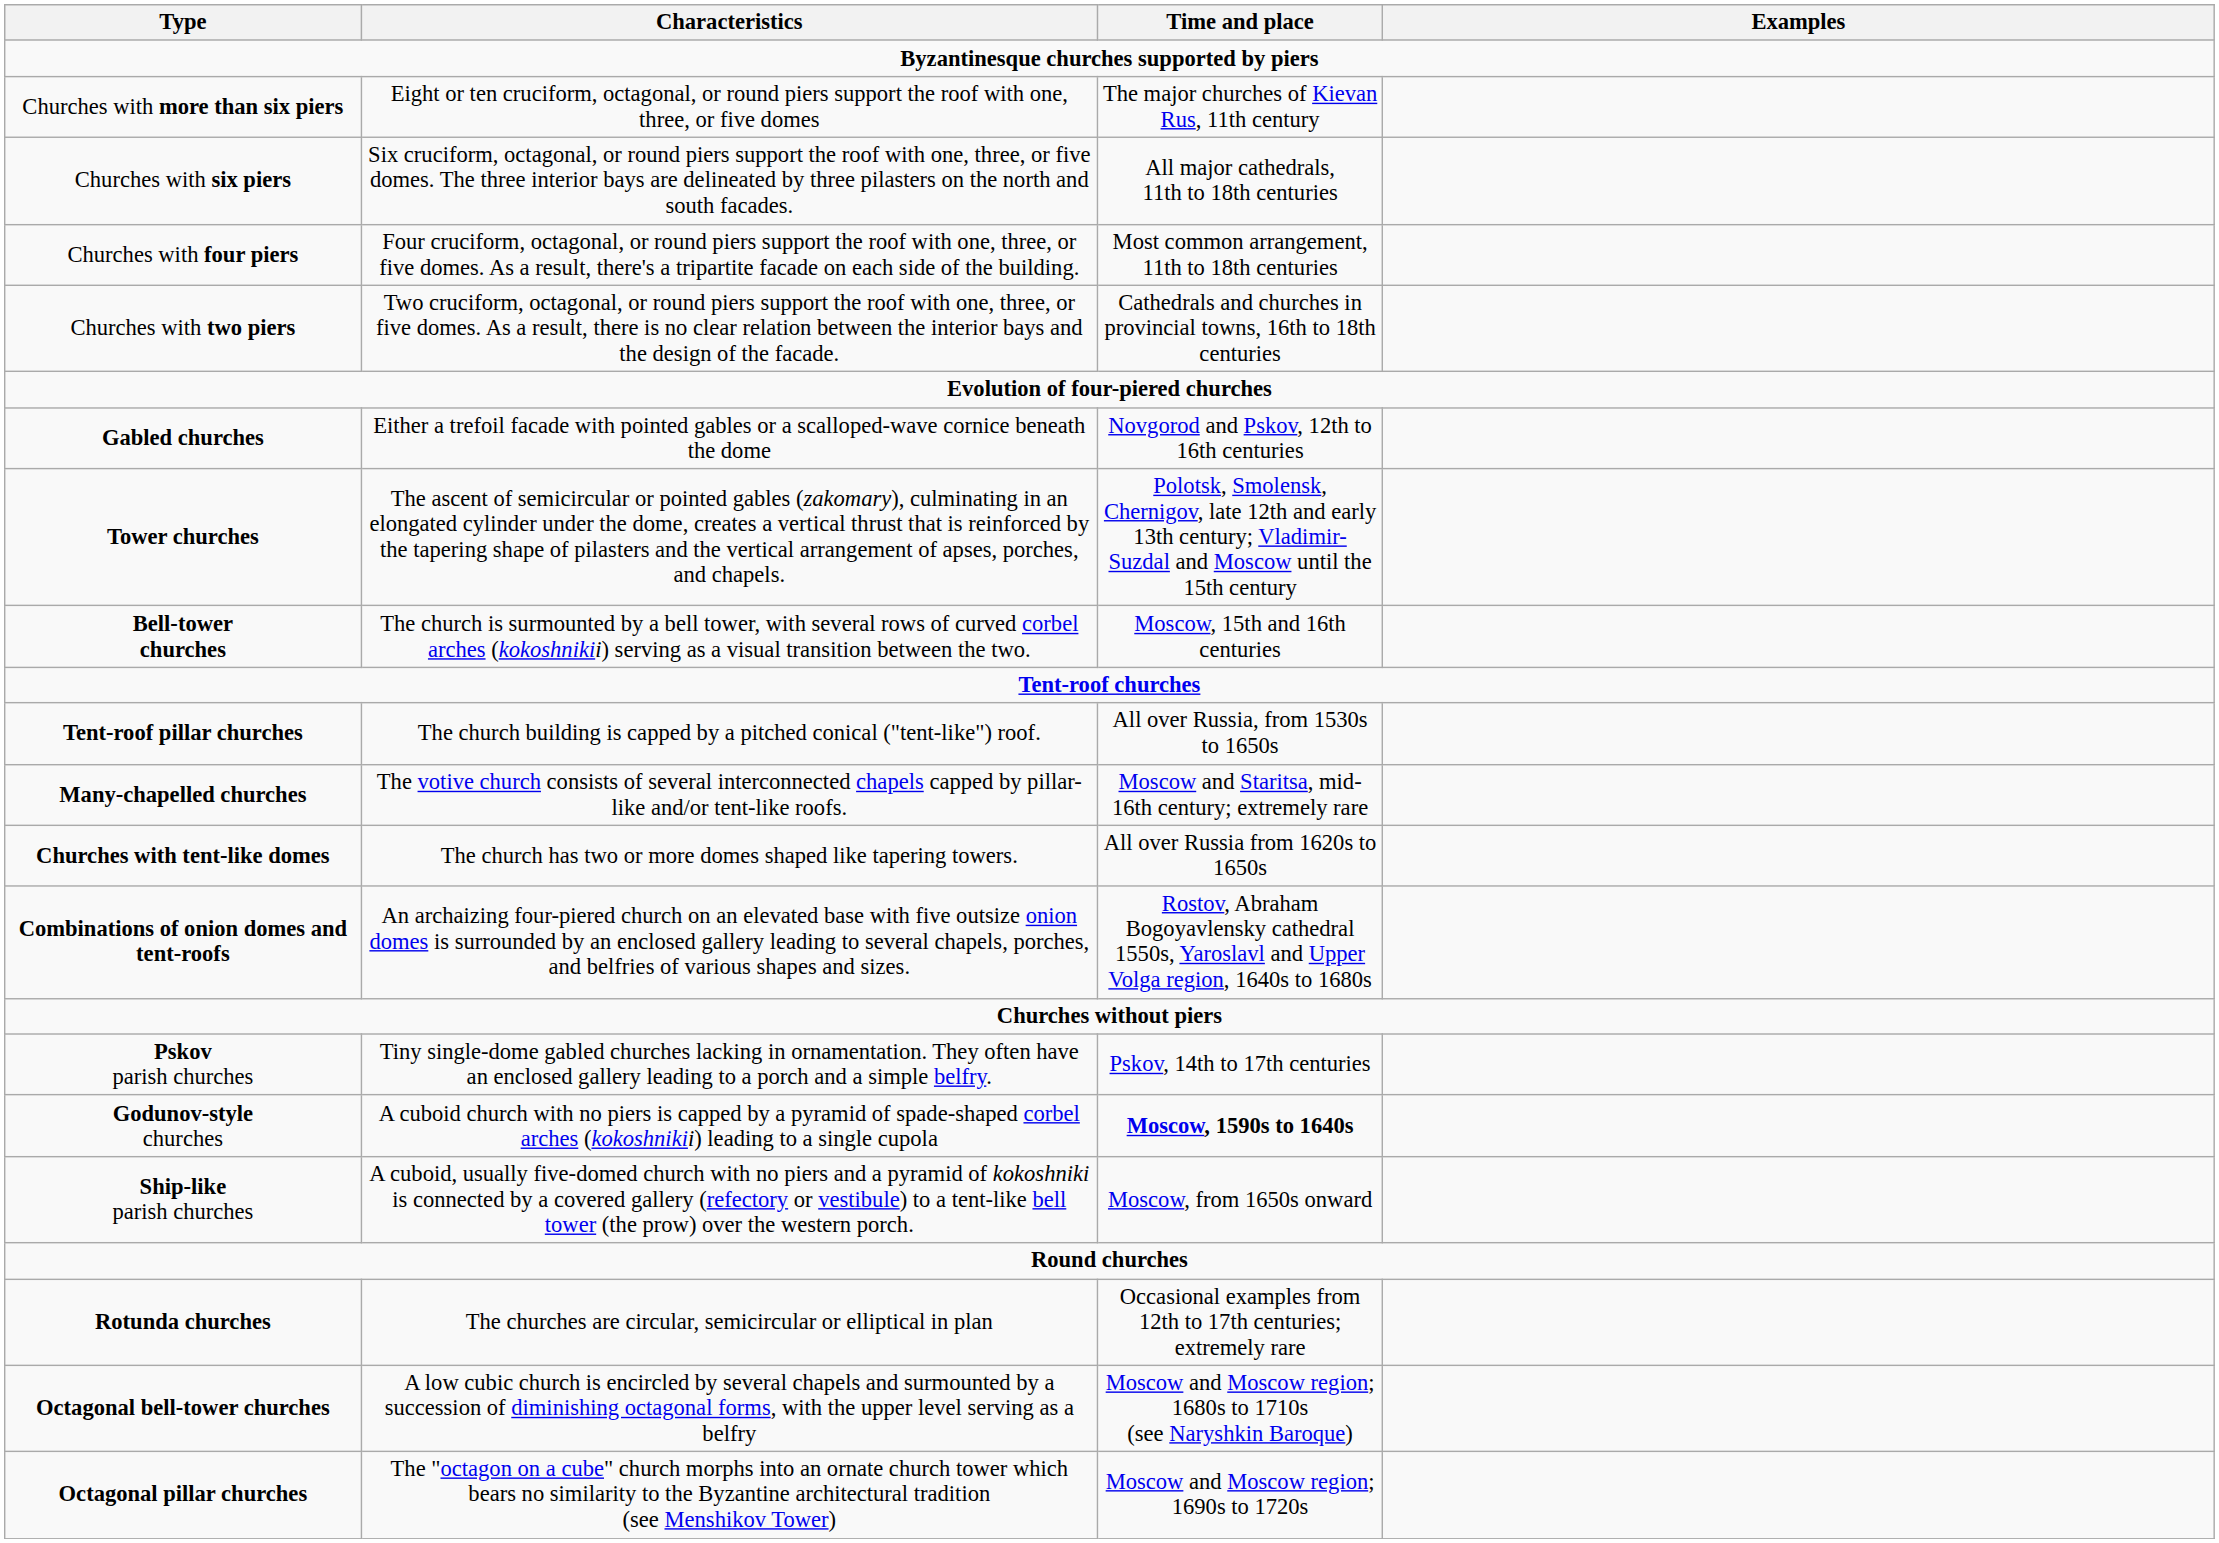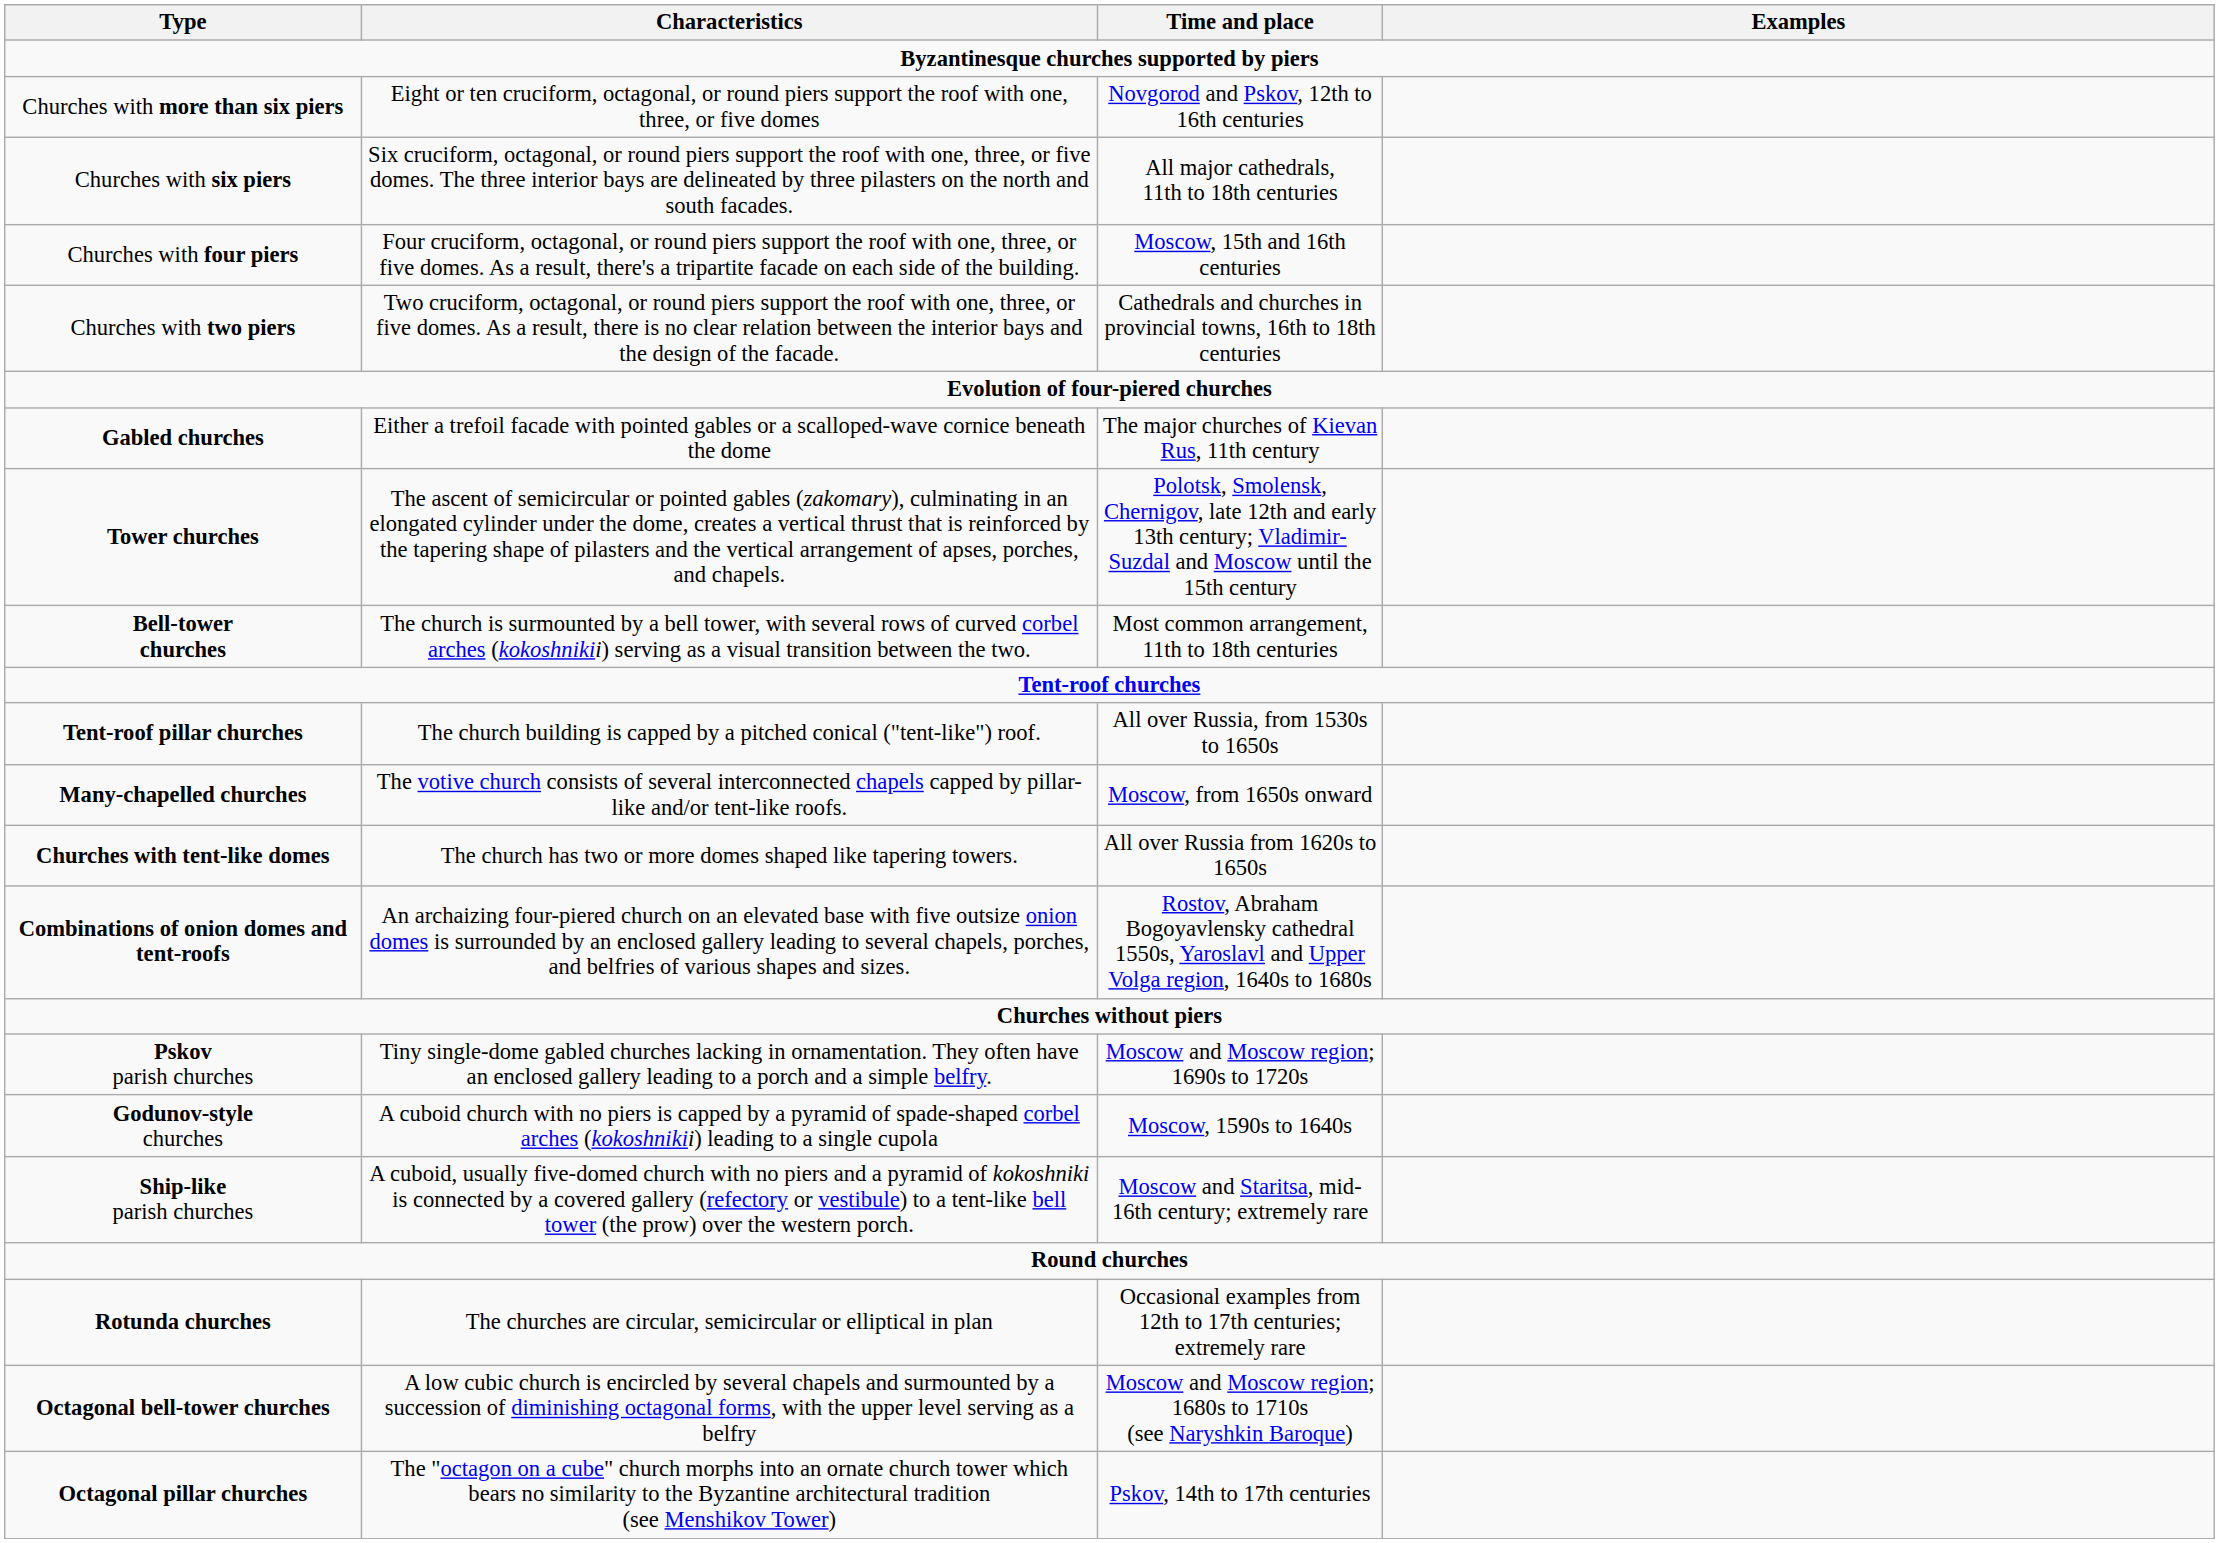 <table class="wikitable" style="text-align: center">
 <tr bgcolor="#cccccc">
 <th width=15%>Type</th>
 <th width=31%>Characteristics</th>
 <th width=12%>Time and place</th>
 <th width=35%>Examples</th>
 </tr>
 <tr>
 <td colspan="5" align="center"><strong>Byzantinesque churches supported by piers</strong></td>
 </tr>
 <tr>
 <td>Churches with <strong>more than six piers</strong></td>
 <td>Eight or ten cruciform, octagonal, or round piers support the roof with one, three, or five domes</td>
-<td>The major churches of <a href='#'>Kievan Rus</a>, 11th century</td>
+<td><a href='#'>Novgorod</a> and <a href='#'>Pskov</a>, 12th to 16th centuries</td>
 <td></td>
 </tr>
 <tr>
 <td>Churches with <strong>six piers</strong></td>
 <td>Six cruciform, octagonal, or round piers support the roof with one, three, or five domes. The three interior bays are delineated by three pilasters on the north and south facades.</td>
 <td>All major cathedrals,<br>11th to 18th centuries</td>
 <td> </td>
 </tr>
 <tr>
 <td>Churches with <strong>four piers</strong></td>
 <td>Four cruciform, octagonal, or round piers support the roof with one, three, or five domes. As a result, there's a tripartite facade on each side of the building.</td>
-<td>Most common arrangement, 11th to 18th centuries</td>
+<td><a href='#'>Moscow</a>, 15th and 16th centuries</td>
 <td> </td>
 </tr>
 <tr>
 <td>Churches with <strong>two piers</strong></td>
 <td>Two cruciform, octagonal, or round piers support the roof with one, three, or five domes. As a result, there is no clear relation between the interior bays and the design of the facade.</td>
 <td>Cathedrals and churches in provincial towns, 16th to 18th centuries</td>
 <td></td>
 </tr>
 <tr>
 <td colspan="5" align="center"><strong>Evolution of four-piered churches</strong></td>
 </tr>
 <tr>
 <td><strong>Gabled churches</strong></td>
 <td>Either a trefoil facade with pointed gables or a scalloped-wave cornice beneath the dome</td>
-<td><a href='#'>Novgorod</a> and <a href='#'>Pskov</a>, 12th to 16th centuries</td>
+<td>The major churches of <a href='#'>Kievan Rus</a>, 11th century</td>
 <td> </td>
 </tr>
 <tr>
 <td><strong>Tower churches</strong></td>
 <td>The ascent of semicircular or pointed gables (<em>zakomary</em>), culminating in an elongated cylinder under the dome, creates a vertical thrust that is reinforced by the tapering shape of pilasters and the vertical arrangement of apses, porches, and chapels.</td>
 <td><a href='#'>Polotsk</a>, <a href='#'>Smolensk</a>, <a href='#'>Chernigov</a>, late 12th and early 13th century; <a href='#'>Vladimir-Suzdal</a> and <a href='#'>Moscow</a> until the 15th century</td>
 <td></td>
 </tr>
 <tr>
 <td><strong>Bell-tower<br>churches</strong></td>
 <td>The church is surmounted by a bell tower, with several rows of curved <a href='#'>corbel arches</a> (<em><a href='#'>kokoshniki</a>i</em>) serving as a visual transition between the two.</td>
-<td><a href='#'>Moscow</a>, 15th and 16th centuries</td>
+<td>Most common arrangement, 11th to 18th centuries</td>
 <td> </td>
 </tr>
 <tr>
 <td colspan="5" align="center"><strong><a href='#'>Tent-roof churches</a></strong></td>
 </tr>
 <tr>
 <td><strong>Tent-roof pillar churches</strong></td>
 <td>The church building is capped by a pitched conical ("tent-like") roof.</td>
 <td>All over Russia, from 1530s to 1650s</td>
 <td>  </td>
 </tr>
 <tr>
 <td><strong>Many-chapelled churches</strong></td>
 <td>The <a href='#'>votive church</a> consists of several interconnected <a href='#'>chapels</a> capped by pillar-like and/or tent-like roofs.</td>
-<td><a href='#'>Moscow</a> and <a href='#'>Staritsa</a>, mid-16th century; extremely rare</td>
+<td><a href='#'>Moscow</a>, from 1650s onward</td>
 <td> </td>
 </tr>
 <tr>
 <td><strong>Churches with tent-like domes</strong></td>
 <td>The church has two or more domes shaped like tapering towers.</td>
 <td>All over Russia from 1620s to 1650s</td>
 <td></td>
 </tr>
 <tr>
 <td><strong>Combinations of onion domes and tent-roofs</strong></td>
 <td>An archaizing four-piered church on an elevated base with five outsize <a href='#'>onion domes</a> is surrounded by an enclosed gallery leading to several chapels, porches, and belfries of various shapes and sizes.</td>
 <td><a href='#'>Rostov</a>, Abraham Bogoyavlensky cathedral 1550s, <a href='#'>Yaroslavl</a> and <a href='#'>Upper Volga region</a>, 1640s to 1680s</td>
 <td><br>   </td>
 </tr>
 <tr>
 <td colspan="5" align="center"><strong>Churches without piers</strong></td>
 </tr>
 <tr>
 <td><strong>Pskov</strong><br>parish churches</td>
 <td>Tiny single-dome gabled churches lacking in ornamentation. They often have an enclosed gallery leading to a porch and a simple <a href='#'>belfry</a>.</td>
-<td><a href='#'>Pskov</a>, 14th to 17th centuries</td>
+<td><a href='#'>Moscow</a> and <a href='#'>Moscow region</a>; 1690s to 1720s</td>
 <td> </td>
 </tr>
 <tr>
 <td><strong>Godunov-style</strong><br>churches</td>
 <td>A cuboid church with no piers is capped by a pyramid of spade-shaped <a href='#'>corbel arches</a> (<em><a href='#'>kokoshniki</a>i</em>) leading to a single cupola</td>
-<td><strong><a href='#'>Moscow</a>, 1590s to 1640s</strong></td>
+<td><a href='#'>Moscow</a>, 1590s to 1640s</td>
 <td></td>
 </tr>
 <tr>
 <td><strong>Ship-like</strong><br>parish churches</td>
 <td>A cuboid, usually five-domed church with no piers and a pyramid of <em>kokoshniki</em> is connected by a covered gallery (<a href='#'>refectory</a> or <a href='#'>vestibule</a>) to a tent-like <a href='#'>bell tower</a> (the prow) over the western porch.</td>
-<td><a href='#'>Moscow</a>, from 1650s onward</td>
+<td><a href='#'>Moscow</a> and <a href='#'>Staritsa</a>, mid-16th century; extremely rare</td>
 <td> </td>
 </tr>
 <tr>
 <td colspan="5" align="center"><strong>Round churches</strong></td>
 </tr>
 <tr>
 <td><strong>Rotunda churches</strong></td>
 <td>The churches are circular, semicircular or elliptical in plan</td>
 <td>Occasional examples from 12th to 17th centuries; extremely rare</td>
 <td> </td>
 </tr>
 <tr>
 <td><strong>Octagonal bell-tower churches</strong></td>
 <td>A low cubic church is encircled by several chapels and surmounted by a succession of <a href='#'>diminishing octagonal forms</a>, with the upper level serving as a belfry</td>
 <td><a href='#'>Moscow</a> and <a href='#'>Moscow region</a>; 1680s to 1710s<br>(see <a href='#'>Naryshkin Baroque</a>)</td>
 <td> </td>
 </tr>
 <tr>
 <td><strong>Octagonal pillar churches</strong></td>
 <td>The "<a href='#'>octagon on a cube</a>" church morphs into an ornate church tower which bears no similarity to the Byzantine architectural tradition<br>(see <a href='#'>Menshikov Tower</a>)</td>
-<td><a href='#'>Moscow</a> and <a href='#'>Moscow region</a>; 1690s to 1720s</td>
+<td><a href='#'>Pskov</a>, 14th to 17th centuries</td>
 <td> </td>
 </tr>
 </table>
